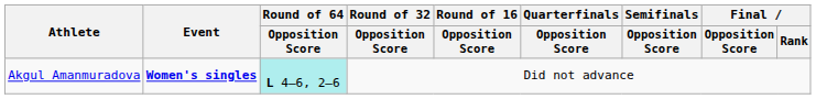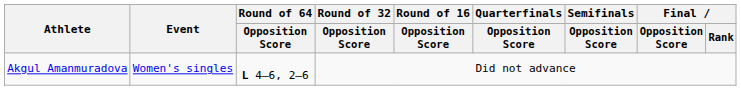 <table class=wikitable style="font-size:90%">
 <tr>
 <th rowspan="2">Athlete</th>
 <th rowspan="2">Event</th>
 <th>Round of 64</th>
 <th>Round of 32</th>
 <th>Round of 16</th>
 <th>Quarterfinals</th>
 <th>Semifinals</th>
 <th colspan=2>Final / </th>
 </tr>
 <tr style="font-size:95%">
 <th>Opposition<br>Score</th>
 <th>Opposition<br>Score</th>
 <th>Opposition<br>Score</th>
 <th>Opposition<br>Score</th>
 <th>Opposition<br>Score</th>
 <th>Opposition<br>Score</th>
 <th>Rank</th>
 </tr>
 <tr align=center>
 <td align=left><a href='#'>Akgul Amanmuradova</a></td>
-<td align=left><strong><a href='#'>Women's singles</a></strong></td>
-<td style="background: paleturquoise;"><br><strong>L</strong> 4–6, 2–6</td>
+<td align=left><a href='#'>Women's singles</a></td>
+<td><br><strong>L</strong> 4–6, 2–6</td>
 <td colspan=7>Did not advance</td>
 </tr>
 </table>
